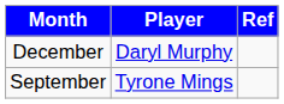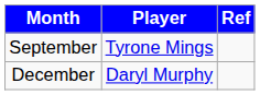 <table class="wikitable" style="text-align:center">
 <tr>
 <th style="background:blue; color:white; width=0%">Month</th>
 <th style="background:blue; color:white; width=0%">Player</th>
 <th style="background:blue; color:white; width=0%">Ref</th>
 </tr>
 <tr>
+<td>September</td>
+<td> <a href='#'>Tyrone Mings</a></td>
+<td></td>
+</tr>
+<tr>
 <td>December</td>
 <td> <a href='#'>Daryl Murphy</a></td>
 <td></td>
 </tr>
-<tr>
-<td>September</td>
-<td> <a href='#'>Tyrone Mings</a></td>
-<td></td>
-</tr>
 </table>
